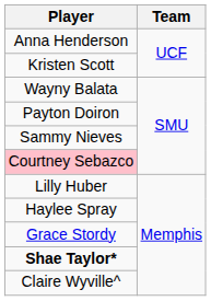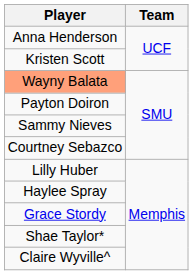 <table class="wikitable" style="text-align: center;">
 <tr>
 <th>Player</th>
 <th>Team</th>
 </tr>
 <tr>
 <td>Anna Henderson</td>
 <td rowspan=2><a href='#'>UCF</a></td>
 </tr>
 <tr>
 <td>Kristen Scott</td>
 </tr>
 <tr>
-<td>Wayny Balata</td>
+<td style="background: lightsalmon;">Wayny Balata</td>
 <td rowspan=4><a href='#'>SMU</a></td>
 </tr>
 <tr>
 <td>Payton Doiron</td>
 </tr>
 <tr>
 <td>Sammy Nieves</td>
 </tr>
 <tr>
-<td style="background: pink;">Courtney Sebazco</td>
+<td>Courtney Sebazco</td>
 </tr>
 <tr>
 <td>Lilly Huber</td>
 <td rowspan=5><a href='#'>Memphis</a></td>
 </tr>
 <tr>
 <td>Haylee Spray</td>
 </tr>
 <tr>
 <td><a href='#'>Grace Stordy</a></td>
 </tr>
 <tr>
-<td><strong>Shae Taylor*</strong></td>
+<td>Shae Taylor*</td>
 </tr>
 <tr>
 <td>Claire Wyville^</td>
 </tr>
 </table>
